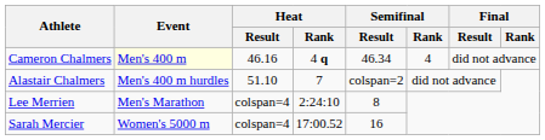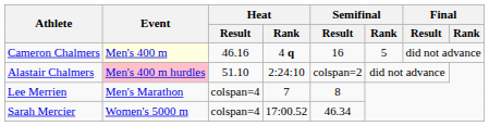 <table class="wikitable" style="font-size:90%">
 <tr>
 <th rowspan=2>Athlete</th>
 <th rowspan=2>Event</th>
 <th colspan=2>Heat</th>
 <th colspan=2>Semifinal</th>
 <th colspan=2>Final</th>
 </tr>
 <tr style="font-size:95%">
 <th>Result</th>
 <th>Rank</th>
 <th>Result</th>
 <th>Rank</th>
 <th>Result</th>
 <th>Rank</th>
 </tr>
 <tr align=center>
 <td align=left><a href='#'>Cameron Chalmers</a></td>
 <td align=left style="background: lightyellow;"><a href='#'>Men's 400 m</a></td>
 <td>46.16</td>
 <td>4 <strong>q</strong></td>
-<td>46.34</td>
-<td>4</td>
+<td>16</td>
+<td>5</td>
 <td colspan=2>did not advance</td>
 </tr>
 <tr align=center>
 <td align=left><a href='#'>Alastair Chalmers</a></td>
-<td align=left><a href='#'>Men's 400 m hurdles</a></td>
+<td align=left style="background: pink;"><a href='#'>Men's 400 m hurdles</a></td>
 <td>51.10</td>
-<td>7</td>
+<td>2:24:10</td>
 <td>colspan=2</td>
 <td colspan=2>did not advance</td>
 </tr>
 <tr align=center>
 <td align=left><a href='#'>Lee Merrien</a></td>
 <td align=left><a href='#'>Men's Marathon</a></td>
 <td>colspan=4 </td>
-<td>2:24:10</td>
+<td>7</td>
 <td>8</td>
 </tr>
 <tr align=center>
 <td align=left><a href='#'>Sarah Mercier</a></td>
 <td align=left><a href='#'>Women's 5000 m</a></td>
 <td>colspan=4 </td>
 <td>17:00.52</td>
-<td>16</td>
+<td>46.34</td>
 </tr>
 </table>
